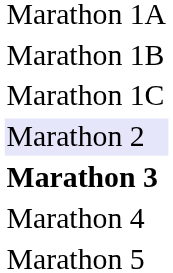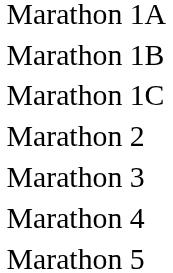 <table>
 <tr>
 <td>Marathon 1A<br></td>
 <td></td>
 <td></td>
 <td></td>
 </tr>
 <tr>
 <td>Marathon 1B<br></td>
 <td></td>
 <td></td>
 <td></td>
 </tr>
 <tr>
 <td>Marathon 1C<br></td>
 <td></td>
 <td></td>
 <td></td>
 </tr>
 <tr>
-<td style="background: lavender;">Marathon 2<br></td>
+<td>Marathon 2<br></td>
 <td></td>
 <td></td>
 <td></td>
 </tr>
 <tr>
-<td><strong>Marathon 3<br></strong></td>
+<td>Marathon 3<br></td>
 <td></td>
 <td></td>
 <td></td>
 </tr>
 <tr>
 <td>Marathon 4<br></td>
 <td></td>
 <td></td>
 <td></td>
 </tr>
 <tr>
 <td>Marathon 5<br></td>
 <td></td>
 <td></td>
 <td></td>
 </tr>
 <tr>
 </tr>
 </table>
